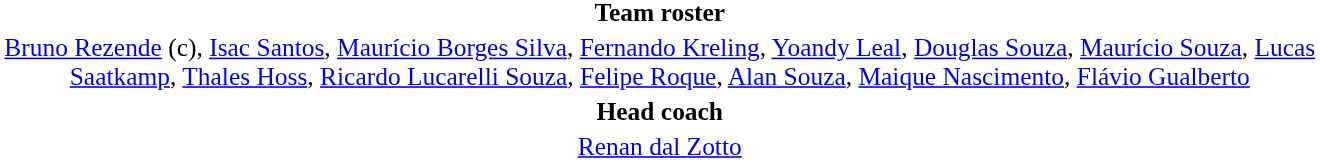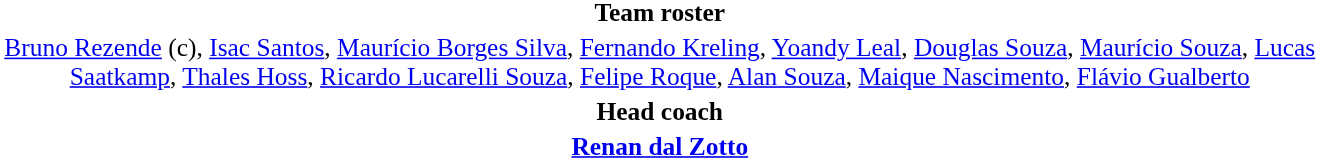 <table style="text-align:center; margin-top:2em; margin-left:auto; margin-right:auto">
 <tr>
 <td><strong>Team roster</strong></td>
 </tr>
 <tr>
 <td><a href='#'>Bruno Rezende</a> (c), <a href='#'>Isac Santos</a>, <a href='#'>Maurício Borges Silva</a>, <a href='#'>Fernando Kreling</a>, <a href='#'>Yoandy Leal</a>, <a href='#'>Douglas Souza</a>, <a href='#'>Maurício Souza</a>, <a href='#'>Lucas Saatkamp</a>, <a href='#'>Thales Hoss</a>, <a href='#'>Ricardo Lucarelli Souza</a>, <a href='#'>Felipe Roque</a>, <a href='#'>Alan Souza</a>, <a href='#'>Maique Nascimento</a>, <a href='#'>Flávio Gualberto</a></td>
 </tr>
 <tr>
 <td><strong>Head coach</strong></td>
 </tr>
 <tr>
-<td><a href='#'>Renan dal Zotto</a></td>
+<td><strong><a href='#'>Renan dal Zotto</a></strong></td>
 </tr>
 <tr>
 </tr>
 </table>
